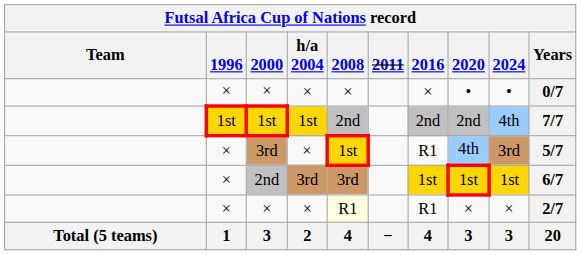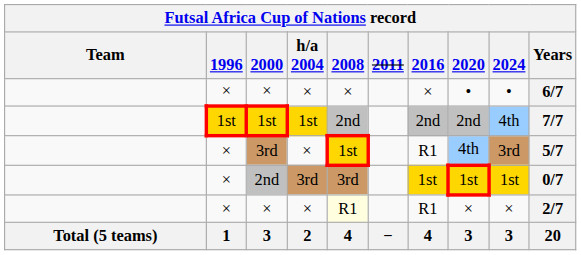 <table class="wikitable" style="text-align:center; font-size:90%">
 <tr>
 <th colspan=10><a href='#'>Futsal Africa Cup of Nations</a> record</th>
 </tr>
 <tr>
 <th width=170>Team</th>
 <th><br><a href='#'>1996</a></th>
 <th><br><a href='#'>2000</a></th>
 <th>h/a<br><a href='#'>2004</a></th>
 <th><br><a href='#'>2008</a></th>
 <th><br><s><a href='#'>2011</a></s></th>
 <th><br><a href='#'>2016</a></th>
 <th><br><a href='#'>2020</a></th>
 <th><br><a href='#'>2024</a></th>
 <th>Years</th>
 </tr>
 <tr>
 <td align=left></td>
 <td>×</td>
 <td>×</td>
 <td>×</td>
 <td>×</td>
 <td></td>
 <td>×</td>
 <td>•</td>
 <td>•</td>
-<th>0/7</th>
+<th>6/7</th>
 </tr>
 <tr>
 <td align=left></td>
 <td bgcolor=gold style="border:3px solid red">1st</td>
 <td bgcolor=gold style="border:3px solid red">1st</td>
 <td bgcolor=gold>1st</td>
 <td bgcolor=silver>2nd</td>
 <td></td>
 <td bgcolor=silver>2nd</td>
 <td bgcolor=silver>2nd</td>
 <td bgcolor=9acdff>4th</td>
 <th>7/7</th>
 </tr>
 <tr>
 <td align=left></td>
 <td>×</td>
 <td bgcolor=cc9966>3rd</td>
 <td>×</td>
 <td bgcolor=gold style="border:3px solid red">1st</td>
 <td></td>
 <td>R1</td>
 <td bgcolor=9acdff>4th</td>
 <td bgcolor=cc9966>3rd</td>
 <th>5/7</th>
 </tr>
 <tr>
 <td align=left></td>
 <td>×</td>
 <td bgcolor=silver>2nd</td>
 <td bgcolor=cc9966>3rd</td>
 <td bgcolor=cc9966>3rd</td>
 <td></td>
 <td bgcolor=gold>1st</td>
 <td bgcolor=gold style="border:3px solid red">1st</td>
 <td bgcolor=gold>1st</td>
-<th>6/7</th>
+<th>0/7</th>
 </tr>
 <tr>
 <td align=left></td>
 <td>×</td>
 <td>×</td>
 <td>×</td>
 <td style="background: lightyellow;">R1</td>
 <td></td>
 <td>R1</td>
 <td>×</td>
 <td>×</td>
 <th>2/7</th>
 </tr>
 <tr>
 <th>Total (5 teams)</th>
 <th>1</th>
 <th>3</th>
 <th>2</th>
 <th>4</th>
 <th>−</th>
 <th>4</th>
 <th>3</th>
 <th>3</th>
 <th>20</th>
 </tr>
 </table>
